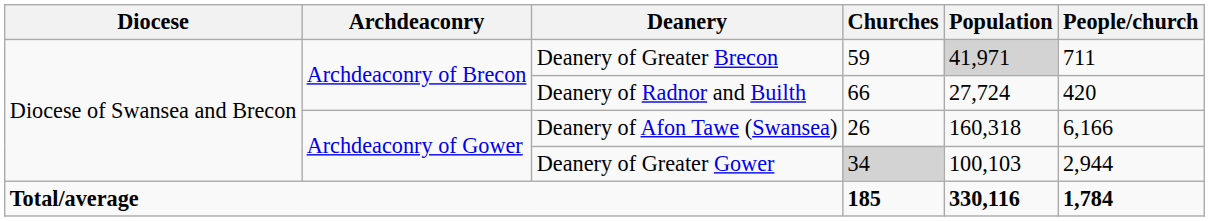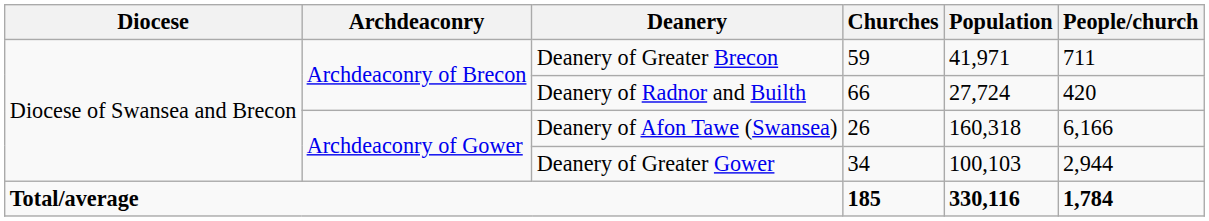 <table class="wikitable">
 <tr>
 <th>Diocese</th>
 <th>Archdeaconry</th>
 <th>Deanery</th>
 <th>Churches</th>
 <th>Population</th>
 <th>People/church</th>
 </tr>
 <tr>
 <td rowspan="4">Diocese of Swansea and Brecon</td>
 <td rowspan="2"><a href='#'>Archdeaconry of Brecon</a></td>
 <td>Deanery of Greater <a href='#'>Brecon</a></td>
 <td>59</td>
-<td style="background: lightgrey;">41,971</td>
+<td>41,971</td>
 <td>711</td>
 </tr>
 <tr>
 <td>Deanery of <a href='#'>Radnor</a> and <a href='#'>Builth</a></td>
 <td>66</td>
 <td>27,724</td>
 <td>420</td>
 </tr>
 <tr>
 <td rowspan="2"><a href='#'>Archdeaconry of Gower</a></td>
 <td>Deanery of <a href='#'>Afon Tawe</a> (<a href='#'>Swansea</a>)</td>
 <td>26</td>
 <td>160,318</td>
 <td>6,166</td>
 </tr>
 <tr>
 <td>Deanery of Greater <a href='#'>Gower</a></td>
-<td style="background: lightgrey;">34</td>
+<td>34</td>
 <td>100,103</td>
 <td>2,944</td>
 </tr>
 <tr>
 <td colspan="3"><strong>Total/average</strong></td>
 <td><strong>185</strong></td>
 <td><strong>330,116</strong></td>
 <td><strong>1,784</strong></td>
 </tr>
 </table>
